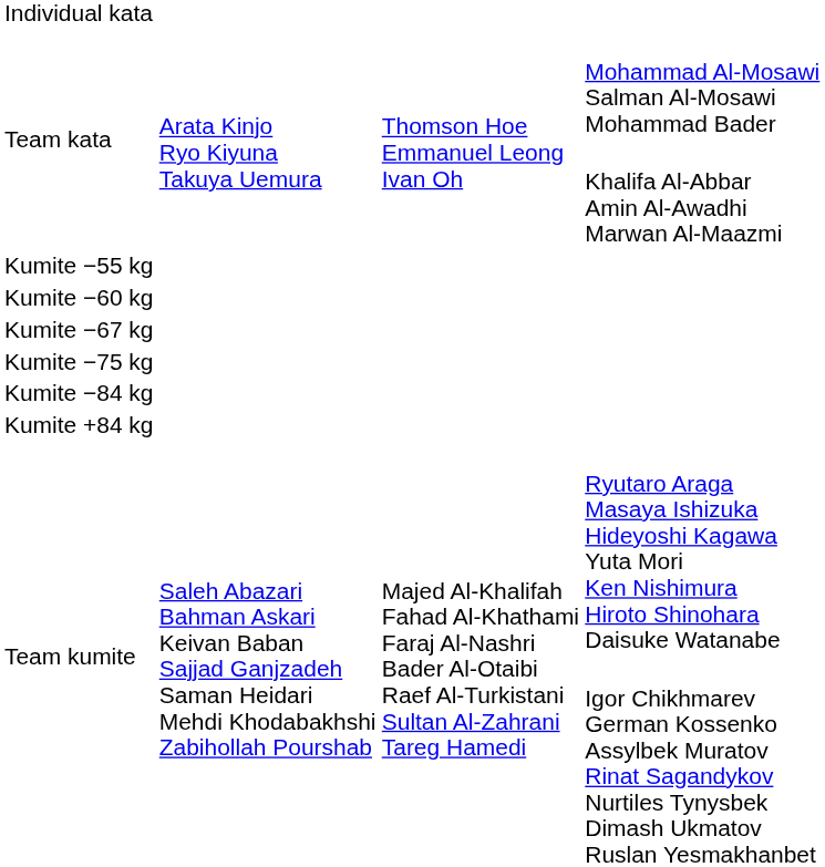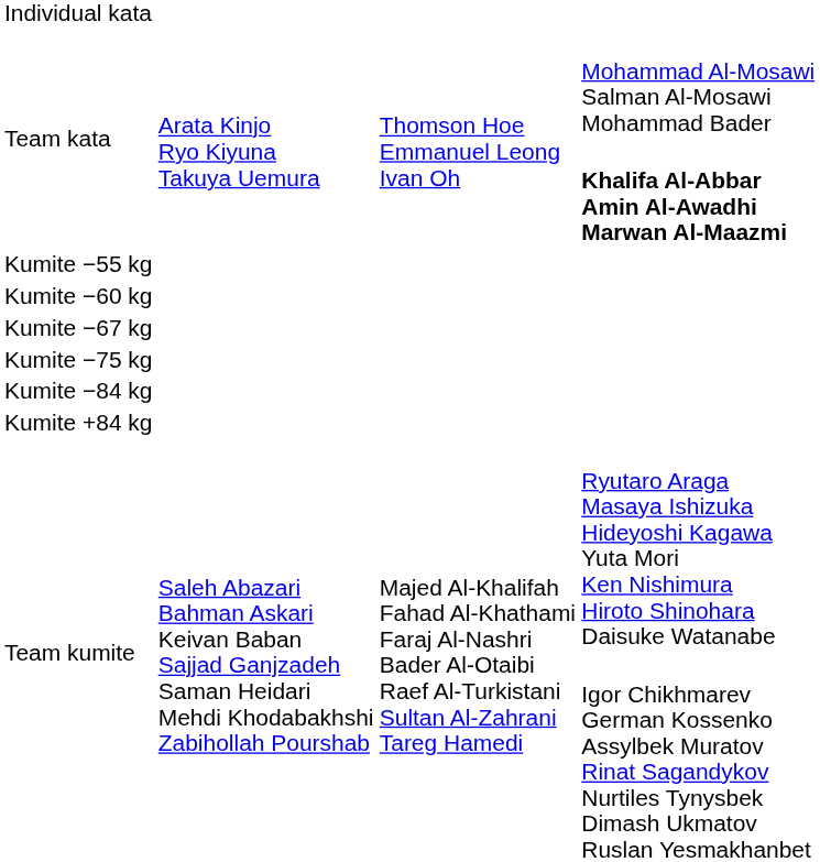 <table>
 <tr>
 <td rowspan=2>Individual kata</td>
 <td rowspan=2></td>
 <td rowspan=2></td>
 <td></td>
 </tr>
 <tr>
 <td></td>
 </tr>
 <tr>
 <td rowspan=2>Team kata</td>
 <td rowspan=2><br><a href='#'>Arata Kinjo</a><br><a href='#'>Ryo Kiyuna</a><br><a href='#'>Takuya Uemura</a></td>
 <td rowspan=2><br><a href='#'>Thomson Hoe</a><br><a href='#'>Emmanuel Leong</a><br><a href='#'>Ivan Oh</a></td>
 <td><br><a href='#'>Mohammad Al-Mosawi</a><br>Salman Al-Mosawi<br>Mohammad Bader</td>
 </tr>
 <tr>
-<td><br>Khalifa Al-Abbar<br>Amin Al-Awadhi<br>Marwan Al-Maazmi</td>
+<td><strong><br>Khalifa Al-Abbar<br>Amin Al-Awadhi<br>Marwan Al-Maazmi</strong></td>
 </tr>
 <tr>
 <td rowspan=2>Kumite −55 kg</td>
 <td rowspan=2></td>
 <td rowspan=2></td>
 <td></td>
 </tr>
 <tr>
 <td></td>
 </tr>
 <tr>
 <td rowspan=2>Kumite −60 kg</td>
 <td rowspan=2></td>
 <td rowspan=2></td>
 <td></td>
 </tr>
 <tr>
 <td></td>
 </tr>
 <tr>
 <td rowspan=2>Kumite −67 kg</td>
 <td rowspan=2></td>
 <td rowspan=2></td>
 <td></td>
 </tr>
 <tr>
 <td></td>
 </tr>
 <tr>
 <td rowspan=2>Kumite −75 kg</td>
 <td rowspan=2></td>
 <td rowspan=2></td>
 <td></td>
 </tr>
 <tr>
 <td></td>
 </tr>
 <tr>
 <td rowspan=2>Kumite −84 kg</td>
 <td rowspan=2></td>
 <td rowspan=2></td>
 <td></td>
 </tr>
 <tr>
 <td></td>
 </tr>
 <tr>
 <td rowspan=2>Kumite +84 kg</td>
 <td rowspan=2></td>
 <td rowspan=2></td>
 <td></td>
 </tr>
 <tr>
 <td></td>
 </tr>
 <tr>
 <td rowspan=2>Team kumite</td>
 <td rowspan=2><br><a href='#'>Saleh Abazari</a><br><a href='#'>Bahman Askari</a><br>Keivan Baban<br><a href='#'>Sajjad Ganjzadeh</a><br>Saman Heidari<br>Mehdi Khodabakhshi<br><a href='#'>Zabihollah Pourshab</a></td>
 <td rowspan=2><br>Majed Al-Khalifah<br>Fahad Al-Khathami<br>Faraj Al-Nashri<br>Bader Al-Otaibi<br>Raef Al-Turkistani<br><a href='#'>Sultan Al-Zahrani</a><br><a href='#'>Tareg Hamedi</a></td>
 <td><br><a href='#'>Ryutaro Araga</a><br><a href='#'>Masaya Ishizuka</a><br><a href='#'>Hideyoshi Kagawa</a><br>Yuta Mori<br><a href='#'>Ken Nishimura</a><br><a href='#'>Hiroto Shinohara</a><br>Daisuke Watanabe</td>
 </tr>
 <tr>
 <td><br>Igor Chikhmarev<br>German Kossenko<br>Assylbek Muratov<br><a href='#'>Rinat Sagandykov</a><br>Nurtiles Tynysbek<br>Dimash Ukmatov<br>Ruslan Yesmakhanbet</td>
 </tr>
 </table>
